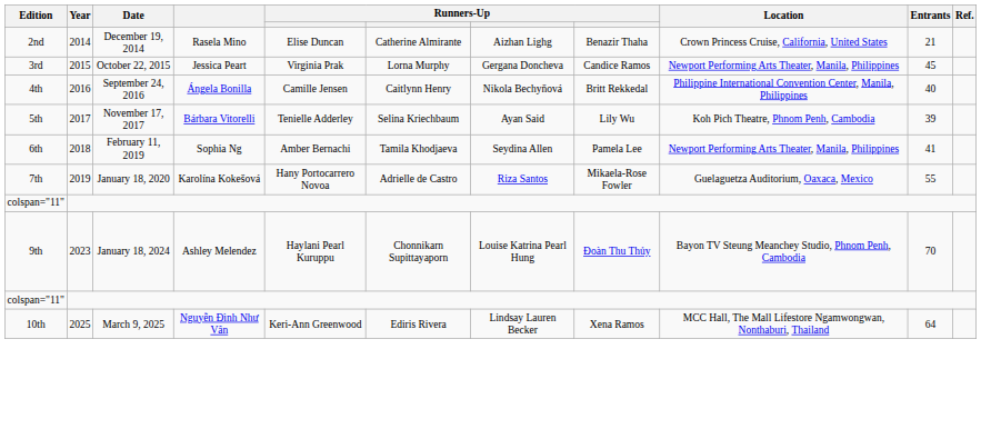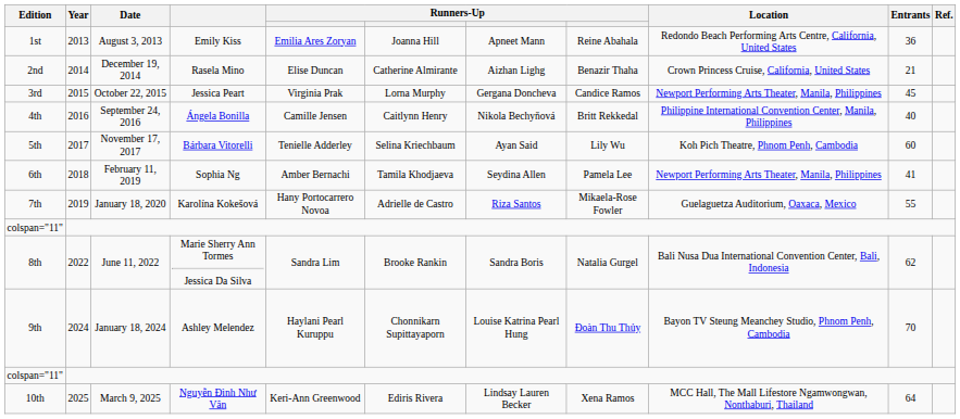 <table class="wikitable sortable" style="font-size: 85%; text-align:center">
 <tr>
 <th rowspan="2">Edition</th>
 <th rowspan="2">Year</th>
 <th rowspan="2">Date</th>
 <th rowspan="2"></th>
 <th colspan="4">Runners-Up</th>
 <th rowspan="2">Location</th>
 <th rowspan="2">Entrants</th>
 <th rowspan="2">Ref.</th>
 </tr>
 <tr>
 <th></th>
 <th></th>
 <th></th>
 <th></th>
+</tr>
+<tr>
+<td>1st</td>
+<td>2013</td>
+<td>August 3, 2013</td>
+<td>Emily Kiss<br></td>
+<td><a href='#'>Emilia Ares Zoryan</a><br></td>
+<td>Joanna Hill<br></td>
+<td>Apneet Mann<br></td>
+<td>Reine Abahala<br></td>
+<td>Redondo Beach Performing Arts Centre, <a href='#'>California</a>, <a href='#'>United States</a></td>
+<td>36</td>
+<td></td>
 </tr>
 <tr>
 <td>2nd</td>
 <td>2014</td>
 <td>December 19, 2014</td>
 <td>Rasela Mino<br></td>
 <td>Elise Duncan<br></td>
 <td>Catherine Almirante<br></td>
 <td>Aizhan Lighg<br></td>
 <td>Benazir Thaha<br></td>
 <td>Crown Princess Cruise, <a href='#'>California</a>, <a href='#'>United States</a> </td>
 <td>21</td>
 <td></td>
 </tr>
 <tr>
 <td>3rd</td>
 <td>2015</td>
 <td>October 22, 2015</td>
 <td>Jessica Peart<br></td>
 <td>Virginia Prak<br></td>
 <td>Lorna Murphy<br></td>
 <td>Gergana Doncheva<br></td>
 <td>Candice Ramos<br></td>
 <td><a href='#'>Newport Performing Arts Theater</a>, <a href='#'>Manila</a>, <a href='#'>Philippines</a></td>
 <td>45</td>
 <td></td>
 </tr>
 <tr>
 <td>4th</td>
 <td>2016</td>
 <td>September 24, 2016</td>
 <td><a href='#'>Ángela Bonilla</a><br></td>
 <td>Camille Jensen<br></td>
 <td>Caitlynn Henry<br></td>
 <td>Nikola Bechyňová<br></td>
 <td>Britt Rekkedal<br></td>
 <td><a href='#'>Philippine International Convention Center</a>, <a href='#'>Manila</a>, <a href='#'>Philippines</a></td>
 <td>40</td>
 <td> <br></td>
 </tr>
 <tr>
 <td>5th</td>
 <td>2017</td>
 <td>November 17, 2017</td>
 <td><a href='#'>Bárbara Vitorelli</a><br></td>
 <td>Tenielle Adderley<br></td>
 <td>Selina Kriechbaum<br></td>
 <td>Ayan Said<br></td>
 <td>Lily Wu<br></td>
 <td>Koh Pich Theatre, <a href='#'>Phnom Penh</a>, <a href='#'>Cambodia</a></td>
-<td>39</td>
+<td>60</td>
 <td></td>
 </tr>
 <tr>
 <td>6th</td>
 <td>2018</td>
 <td>February 11, 2019</td>
 <td>Sophia Ng<br></td>
 <td>Amber Bernachi<br></td>
 <td>Tamila Khodjaeva<br></td>
 <td>Seydina Allen<br></td>
 <td>Pamela Lee<br></td>
 <td><a href='#'>Newport Performing Arts Theater</a>, <a href='#'>Manila</a>, <a href='#'>Philippines</a></td>
 <td>41</td>
 <td></td>
 </tr>
 <tr>
 <td>7th</td>
 <td>2019</td>
 <td>January 18, 2020</td>
 <td>Karolína Kokešová<br></td>
 <td>Hany Portocarrero Novoa<br></td>
 <td>Adrielle de Castro<br></td>
 <td><a href='#'>Riza Santos</a><br></td>
 <td>Mikaela-Rose Fowler<br></td>
 <td>Guelaguetza Auditorium, <a href='#'>Oaxaca</a>, <a href='#'>Mexico</a></td>
 <td>55</td>
 <td></td>
 </tr>
 <tr>
 <td>colspan="11" </td>
 </tr>
 <tr>
+<td>8th</td>
+<td>2022</td>
+<td>June 11, 2022</td>
+<td>Marie Sherry Ann Tormes<br><hr>Jessica Da Silva<br></td>
+<td>Sandra Lim<br></td>
+<td>Brooke Rankin<br></td>
+<td>Sandra Boris<br></td>
+<td>Natalia Gurgel<br></td>
+<td>Bali Nusa Dua International Convention Center, <a href='#'>Bali</a>, <a href='#'>Indonesia</a></td>
+<td>62</td>
+<td> <br> <br></td>
+</tr>
+<tr>
 <td>9th</td>
-<td>2023</td>
+<td>2024</td>
 <td>January 18, 2024</td>
 <td>Ashley Melendez<br></td>
 <td>Haylani Pearl Kuruppu<br></td>
 <td>Chonnikarn Supittayaporn<br></td>
 <td>Louise Katrina Pearl Hung<br></td>
 <td><a href='#'>Đoàn Thu Thủy</a><br></td>
 <td>Bayon TV Steung Meanchey Studio, <a href='#'>Phnom Penh</a>, <a href='#'>Cambodia</a> </td>
 <td>70</td>
 <td> <br> <br> <br> <br> <br> <br></td>
 </tr>
 <tr>
 <td>colspan="11" </td>
 </tr>
 <tr>
 <td>10th</td>
 <td>2025</td>
 <td>March 9, 2025</td>
 <td><a href='#'>Nguyễn Đình Như Vân</a> <br></td>
 <td>Keri-Ann Greenwood<br></td>
 <td>Ediris Rivera<br></td>
 <td>Lindsay Lauren Becker<br></td>
 <td>Xena Ramos<br></td>
 <td>MCC Hall, The Mall Lifestore Ngamwongwan, <a href='#'>Nonthaburi</a>, <a href='#'>Thailand</a> </td>
 <td>64</td>
 <td></td>
 </tr>
 </table>
